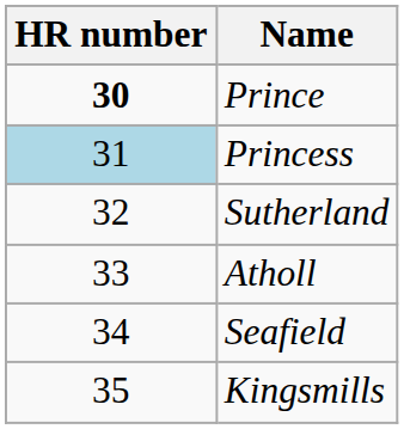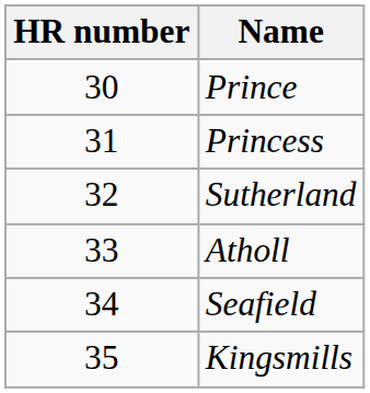 <table class="wikitable">
 <tr>
 <th>HR number</th>
 <th>Name</th>
 </tr>
 <tr>
-<td style="text-align: center;"><strong>30</strong></td>
+<td style="text-align: center;">30</td>
 <td><em>Prince</em></td>
 </tr>
 <tr>
-<td style="background: lightblue; text-align: center;">31</td>
+<td style="text-align: center;">31</td>
 <td><em>Princess</em></td>
 </tr>
 <tr>
 <td style="text-align: center;">32</td>
 <td><em>Sutherland</em></td>
 </tr>
 <tr>
 <td style="text-align: center;">33</td>
 <td><em>Atholl</em></td>
 </tr>
 <tr>
 <td style="text-align: center;">34</td>
 <td><em>Seafield</em></td>
 </tr>
 <tr>
 <td style="text-align: center;">35</td>
 <td><em>Kingsmills</em></td>
 </tr>
 </table>
